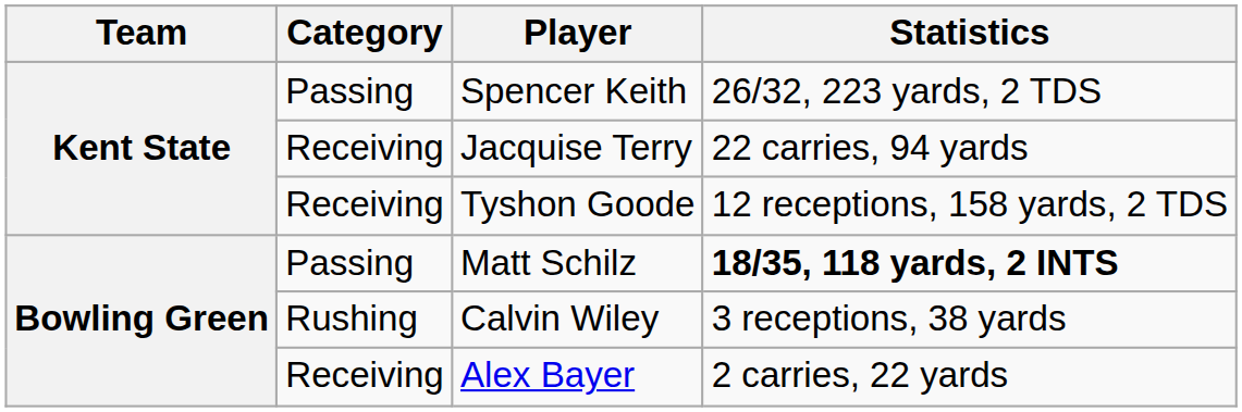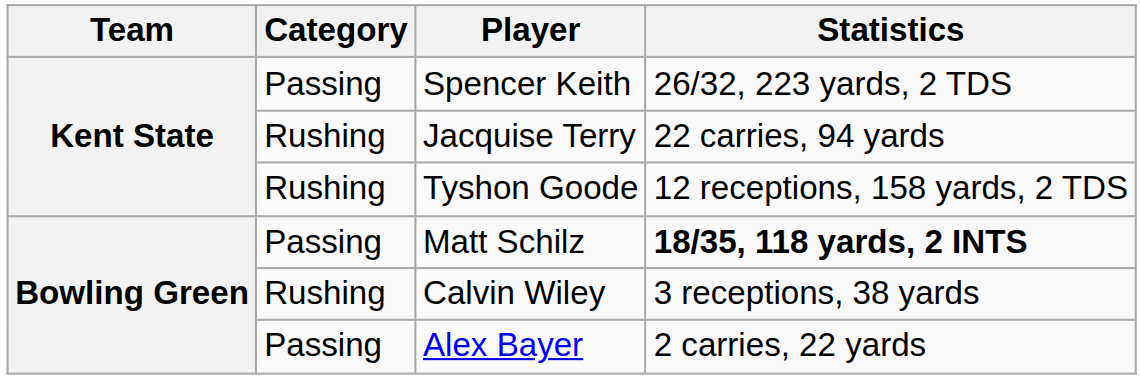 <table class="wikitable" style="float:right">
 <tr>
 <th>Team</th>
 <th>Category</th>
 <th>Player</th>
 <th>Statistics</th>
 </tr>
 <tr>
 <th rowspan=3>Kent State</th>
 <td>Passing</td>
 <td>Spencer Keith</td>
 <td>26/32, 223 yards, 2 TDS</td>
 </tr>
 <tr>
-<td>Receiving</td>
+<td>Rushing</td>
 <td>Jacquise Terry</td>
 <td>22 carries, 94 yards</td>
 </tr>
 <tr>
-<td>Receiving</td>
+<td>Rushing</td>
 <td>Tyshon Goode</td>
 <td>12 receptions, 158 yards, 2 TDS</td>
 </tr>
 <tr>
 <th rowspan=3>Bowling Green</th>
 <td>Passing</td>
 <td>Matt Schilz</td>
 <td><strong>18/35, 118 yards, 2 INTS</strong></td>
 </tr>
 <tr>
 <td>Rushing</td>
 <td>Calvin Wiley</td>
 <td>3 receptions, 38 yards</td>
 </tr>
 <tr>
-<td>Receiving</td>
+<td>Passing</td>
 <td><a href='#'>Alex Bayer</a></td>
 <td>2 carries, 22 yards</td>
 </tr>
 </table>
